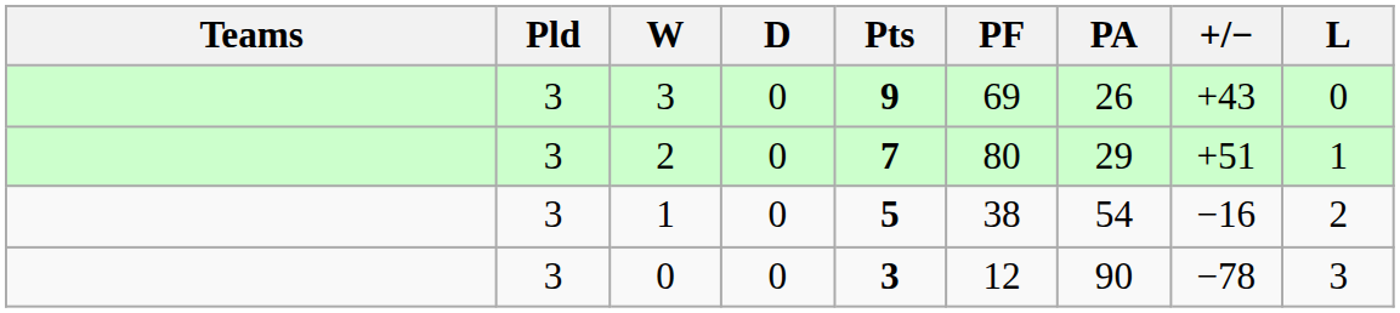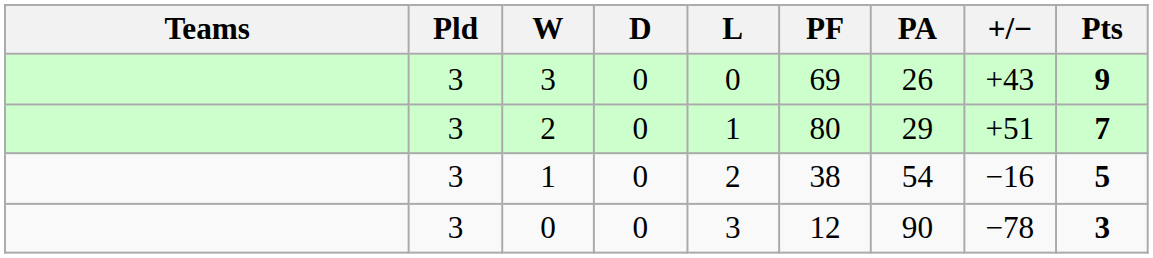 <table class="wikitable" style="text-align: center;">
 <tr>
 <th width="200">Teams</th>
 <th width="40">Pld</th>
 <th width="40">W</th>
 <th width="40">D</th>
-<th width="40">Pts</th>
+<th width="40">L</th>
 <th width="40">PF</th>
 <th width="40">PA</th>
 <th width="40">+/−</th>
-<th width="40">L</th>
+<th width="40">Pts</th>
 </tr>
 <tr bgcolor=ccffcc>
 <td align=left></td>
 <td>3</td>
 <td>3</td>
 <td>0</td>
-<td><strong>9</strong></td>
+<td>0</td>
 <td>69</td>
 <td>26</td>
 <td>+43</td>
-<td>0</td>
+<td><strong>9</strong></td>
 </tr>
 <tr bgcolor=ccffcc>
 <td align=left></td>
 <td>3</td>
 <td>2</td>
 <td>0</td>
-<td><strong>7</strong></td>
+<td>1</td>
 <td>80</td>
 <td>29</td>
 <td>+51</td>
-<td>1</td>
+<td><strong>7</strong></td>
 </tr>
 <tr>
 <td align=left></td>
 <td>3</td>
 <td>1</td>
 <td>0</td>
-<td><strong>5</strong></td>
+<td>2</td>
 <td>38</td>
 <td>54</td>
 <td>−16</td>
-<td>2</td>
+<td><strong>5</strong></td>
 </tr>
 <tr>
 <td align=left></td>
 <td>3</td>
 <td>0</td>
 <td>0</td>
-<td><strong>3</strong></td>
+<td>3</td>
 <td>12</td>
 <td>90</td>
 <td>−78</td>
-<td>3</td>
+<td><strong>3</strong></td>
 </tr>
 </table>
